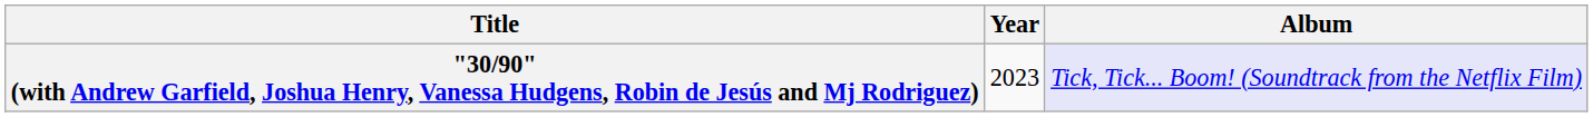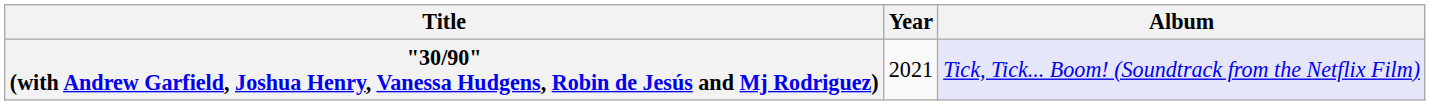 <table class="wikitable plainrowheaders">
 <tr>
 <th>Title</th>
 <th>Year</th>
 <th>Album</th>
 </tr>
 <tr>
 <th scope="row">"30/90"<br><span>(with <a href='#'>Andrew Garfield</a>, <a href='#'>Joshua Henry</a>, <a href='#'>Vanessa Hudgens</a>, <a href='#'>Robin de Jesús</a> and <a href='#'>Mj Rodriguez</a>)</span></th>
-<td>2023</td>
+<td>2021</td>
 <td style="background: lavender;"><em><a href='#'>Tick, Tick... Boom! (Soundtrack from the Netflix Film)</a></em></td>
 </tr>
 </table>
